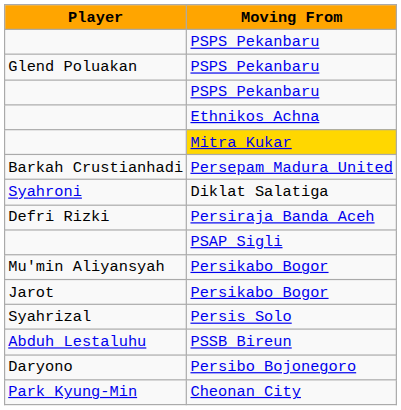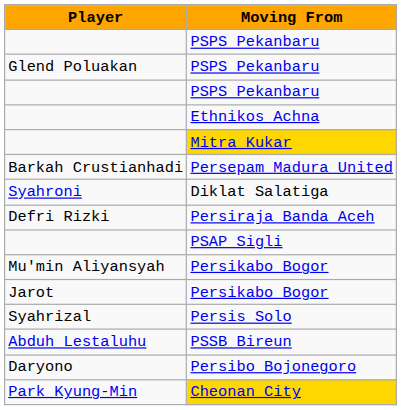 <table class="wikitable sortable">
 <tr>
 <th style="background-color:Orange; color:Black;" scope=col>Player</th>
 <th style="background-color:Orange; color:Black;" scope=col>Moving From</th>
 </tr>
 <tr>
 <td> </td>
 <td> <a href='#'>PSPS Pekanbaru</a></td>
 </tr>
 <tr>
 <td> Glend Poluakan</td>
 <td> <a href='#'>PSPS Pekanbaru</a></td>
 </tr>
 <tr>
 <td> </td>
 <td> <a href='#'>PSPS Pekanbaru</a></td>
 </tr>
 <tr>
 <td> </td>
 <td> <a href='#'>Ethnikos Achna</a></td>
 </tr>
 <tr>
 <td> </td>
 <td style="background: gold;"> <a href='#'>Mitra Kukar</a></td>
 </tr>
 <tr>
 <td> Barkah Crustianhadi</td>
 <td> <a href='#'>Persepam Madura United</a></td>
 </tr>
 <tr>
 <td> <a href='#'>Syahroni</a></td>
 <td> Diklat Salatiga</td>
 </tr>
 <tr>
 <td> Defri Rizki</td>
 <td> <a href='#'>Persiraja Banda Aceh</a></td>
 </tr>
 <tr>
 <td> </td>
 <td> <a href='#'>PSAP Sigli</a></td>
 </tr>
 <tr>
 <td> Mu'min Aliyansyah</td>
 <td> <a href='#'>Persikabo Bogor</a></td>
 </tr>
 <tr>
 <td> Jarot</td>
 <td> <a href='#'>Persikabo Bogor</a></td>
 </tr>
 <tr>
 <td> Syahrizal</td>
 <td> <a href='#'>Persis Solo</a></td>
 </tr>
 <tr>
 <td> <a href='#'>Abduh Lestaluhu</a></td>
 <td> <a href='#'>PSSB Bireun</a></td>
 </tr>
 <tr>
 <td> Daryono</td>
 <td> <a href='#'>Persibo Bojonegoro</a></td>
 </tr>
 <tr>
 <td> <a href='#'>Park Kyung-Min</a></td>
-<td> <a href='#'>Cheonan City</a></td>
+<td style="background: gold;"> <a href='#'>Cheonan City</a></td>
 </tr>
 </table>
